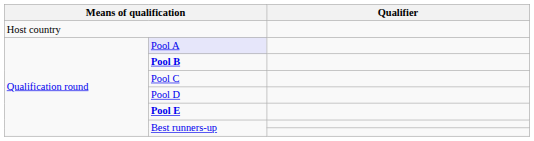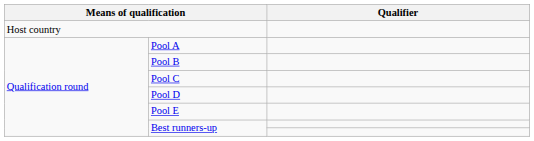 <table class="wikitable">
 <tr>
 <th colspan=2 width=30%>Means of qualification</th>
 <th width=30%>Qualifier</th>
 </tr>
 <tr>
 <td colspan=2>Host country</td>
 <td></td>
 </tr>
 <tr>
 <td rowspan=7><a href='#'>Qualification round</a></td>
-<td style="background: lavender;"><a href='#'>Pool A</a></td>
+<td><a href='#'>Pool A</a></td>
 <td></td>
 </tr>
 <tr>
-<td><strong><a href='#'>Pool B</a></strong></td>
+<td><a href='#'>Pool B</a></td>
 <td></td>
 </tr>
 <tr>
 <td><a href='#'>Pool C</a></td>
 <td></td>
 </tr>
 <tr>
 <td><a href='#'>Pool D</a></td>
 <td></td>
 </tr>
 <tr>
-<td><strong><a href='#'>Pool E</a></strong></td>
+<td><a href='#'>Pool E</a></td>
 <td></td>
 </tr>
 <tr>
 <td rowspan=2><a href='#'>Best runners-up</a></td>
 <td></td>
 </tr>
 <tr>
 <td></td>
 </tr>
 </table>
